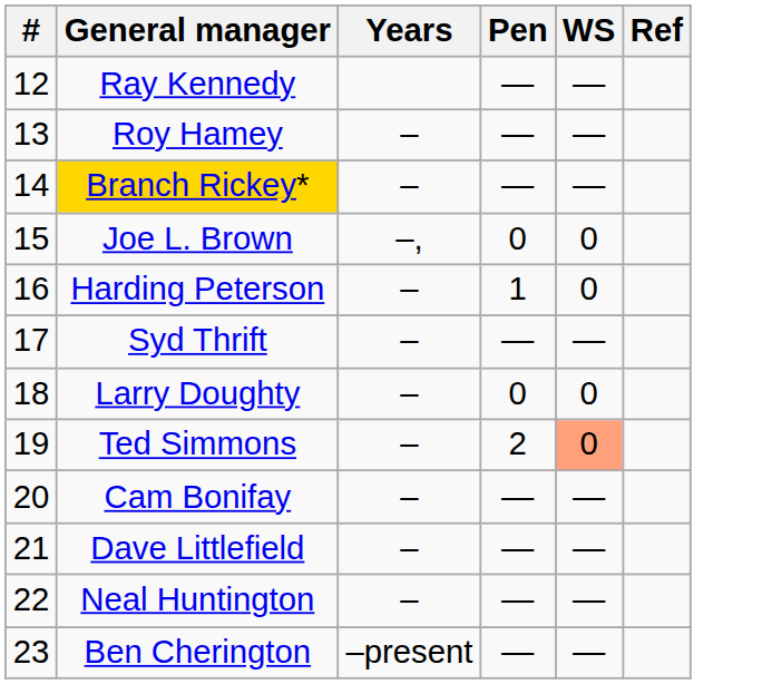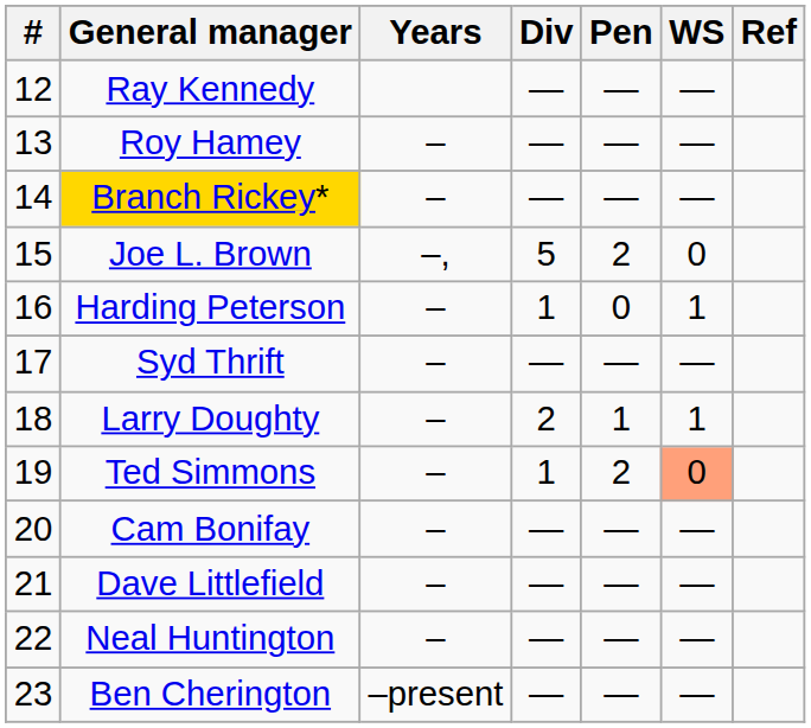 <table class="wikitable" style="text-align:center">
 <tr>
 <th class="unsortable">#</th>
 <th>General manager</th>
 <th>Years</th>
+<th>Div</th>
 <th>Pen</th>
 <th>WS</th>
 <th>Ref</th>
 </tr>
 <tr>
 <td>12</td>
 <td><a href='#'>Ray Kennedy</a></td>
 <td></td>
 <td>—</td>
 <td>—</td>
+<td>—</td>
 <td></td>
 </tr>
 <tr>
 <td>13</td>
 <td><a href='#'>Roy Hamey</a></td>
 <td>–</td>
+<td>—</td>
 <td>—</td>
 <td>—</td>
 <td></td>
 </tr>
 <tr>
 <td>14</td>
 <td bgcolor="ffd700"><a href='#'>Branch Rickey</a>*</td>
 <td>–</td>
 <td>—</td>
 <td>—</td>
+<td>—</td>
 <td></td>
 </tr>
 <tr>
 <td>15</td>
 <td><a href='#'>Joe L. Brown</a></td>
 <td>–, </td>
-<td>0</td>
+<td>5</td>
+<td>2</td>
 <td>0</td>
 <td></td>
 </tr>
 <tr>
 <td>16</td>
 <td><a href='#'>Harding Peterson</a></td>
 <td>–</td>
 <td>1</td>
 <td>0</td>
+<td>1</td>
 <td></td>
 </tr>
 <tr>
 <td>17</td>
 <td><a href='#'>Syd Thrift</a></td>
 <td>–</td>
 <td>—</td>
 <td>—</td>
+<td>—</td>
 <td></td>
 </tr>
 <tr>
 <td>18</td>
 <td><a href='#'>Larry Doughty</a></td>
 <td>–</td>
-<td>0</td>
-<td>0</td>
+<td>2</td>
+<td>1</td>
+<td>1</td>
 <td></td>
 </tr>
 <tr>
 <td>19</td>
 <td><a href='#'>Ted Simmons</a></td>
 <td>–</td>
+<td>1</td>
 <td>2</td>
 <td style="background: lightsalmon;">0</td>
 <td></td>
 </tr>
 <tr>
 <td>20</td>
 <td><a href='#'>Cam Bonifay</a></td>
 <td>–</td>
 <td>—</td>
 <td>—</td>
+<td>—</td>
 <td></td>
 </tr>
 <tr>
 <td>21</td>
 <td><a href='#'>Dave Littlefield</a></td>
 <td>–</td>
+<td>—</td>
 <td>—</td>
 <td>—</td>
 <td></td>
 </tr>
 <tr>
 <td>22</td>
 <td><a href='#'>Neal Huntington</a></td>
 <td>–</td>
 <td>—</td>
 <td>—</td>
+<td>—</td>
 <td></td>
 </tr>
 <tr>
 <td>23</td>
 <td><a href='#'>Ben Cherington</a></td>
 <td>–present</td>
 <td>—</td>
 <td>—</td>
+<td>—</td>
 <td></td>
 </tr>
 </table>
